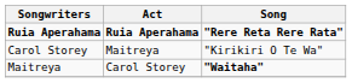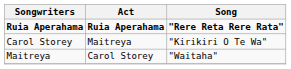 <table class="wikitable">
 <tr>
 <th>Songwriters</th>
 <th>Act</th>
 <th>Song</th>
 </tr>
 <tr>
 <td><strong>Ruia Aperahama</strong></td>
 <td><strong>Ruia Aperahama</strong></td>
 <td><strong>"Rere Reta Rere Rata"</strong></td>
 </tr>
 <tr>
 <td>Carol Storey</td>
 <td>Maitreya</td>
 <td>"Kirikiri O Te Wa"</td>
 </tr>
 <tr>
 <td>Maitreya</td>
 <td>Carol Storey</td>
-<td><strong>"Waitaha"</strong></td>
+<td>"Waitaha"</td>
 </tr>
 <tr>
 </tr>
 </table>
